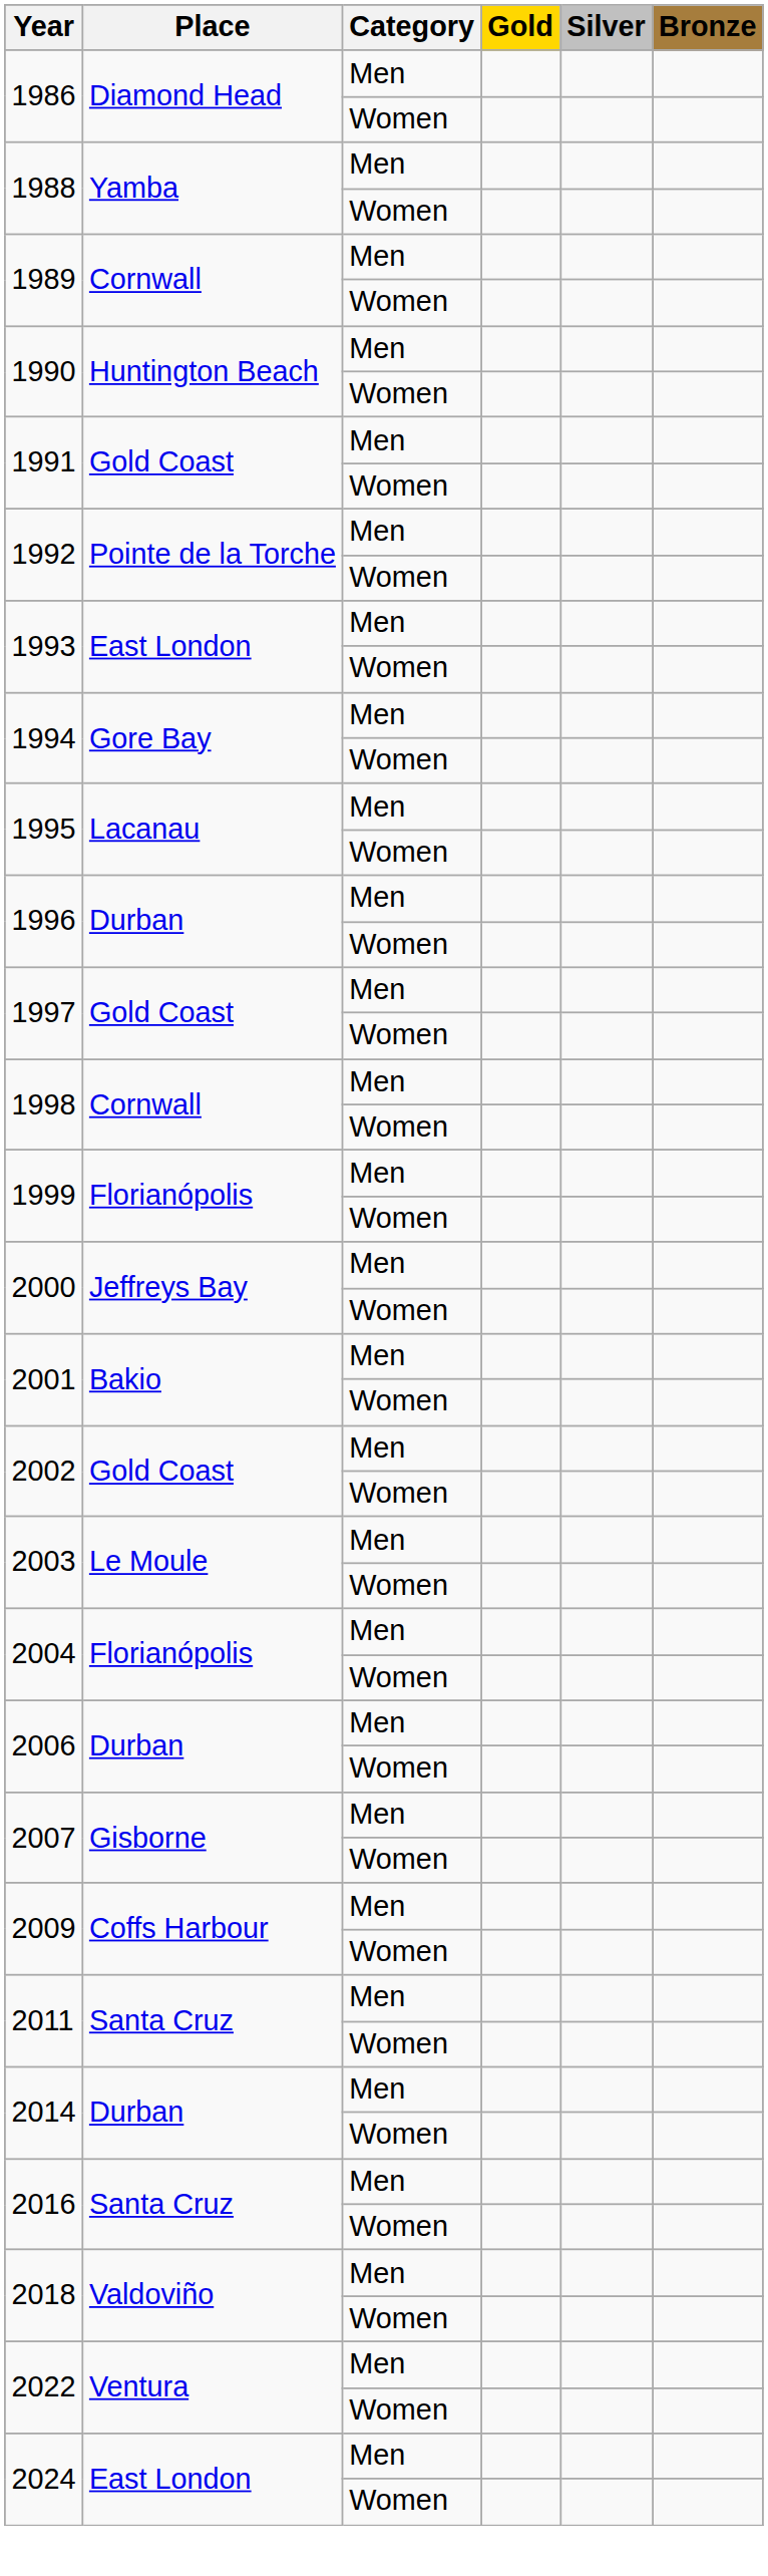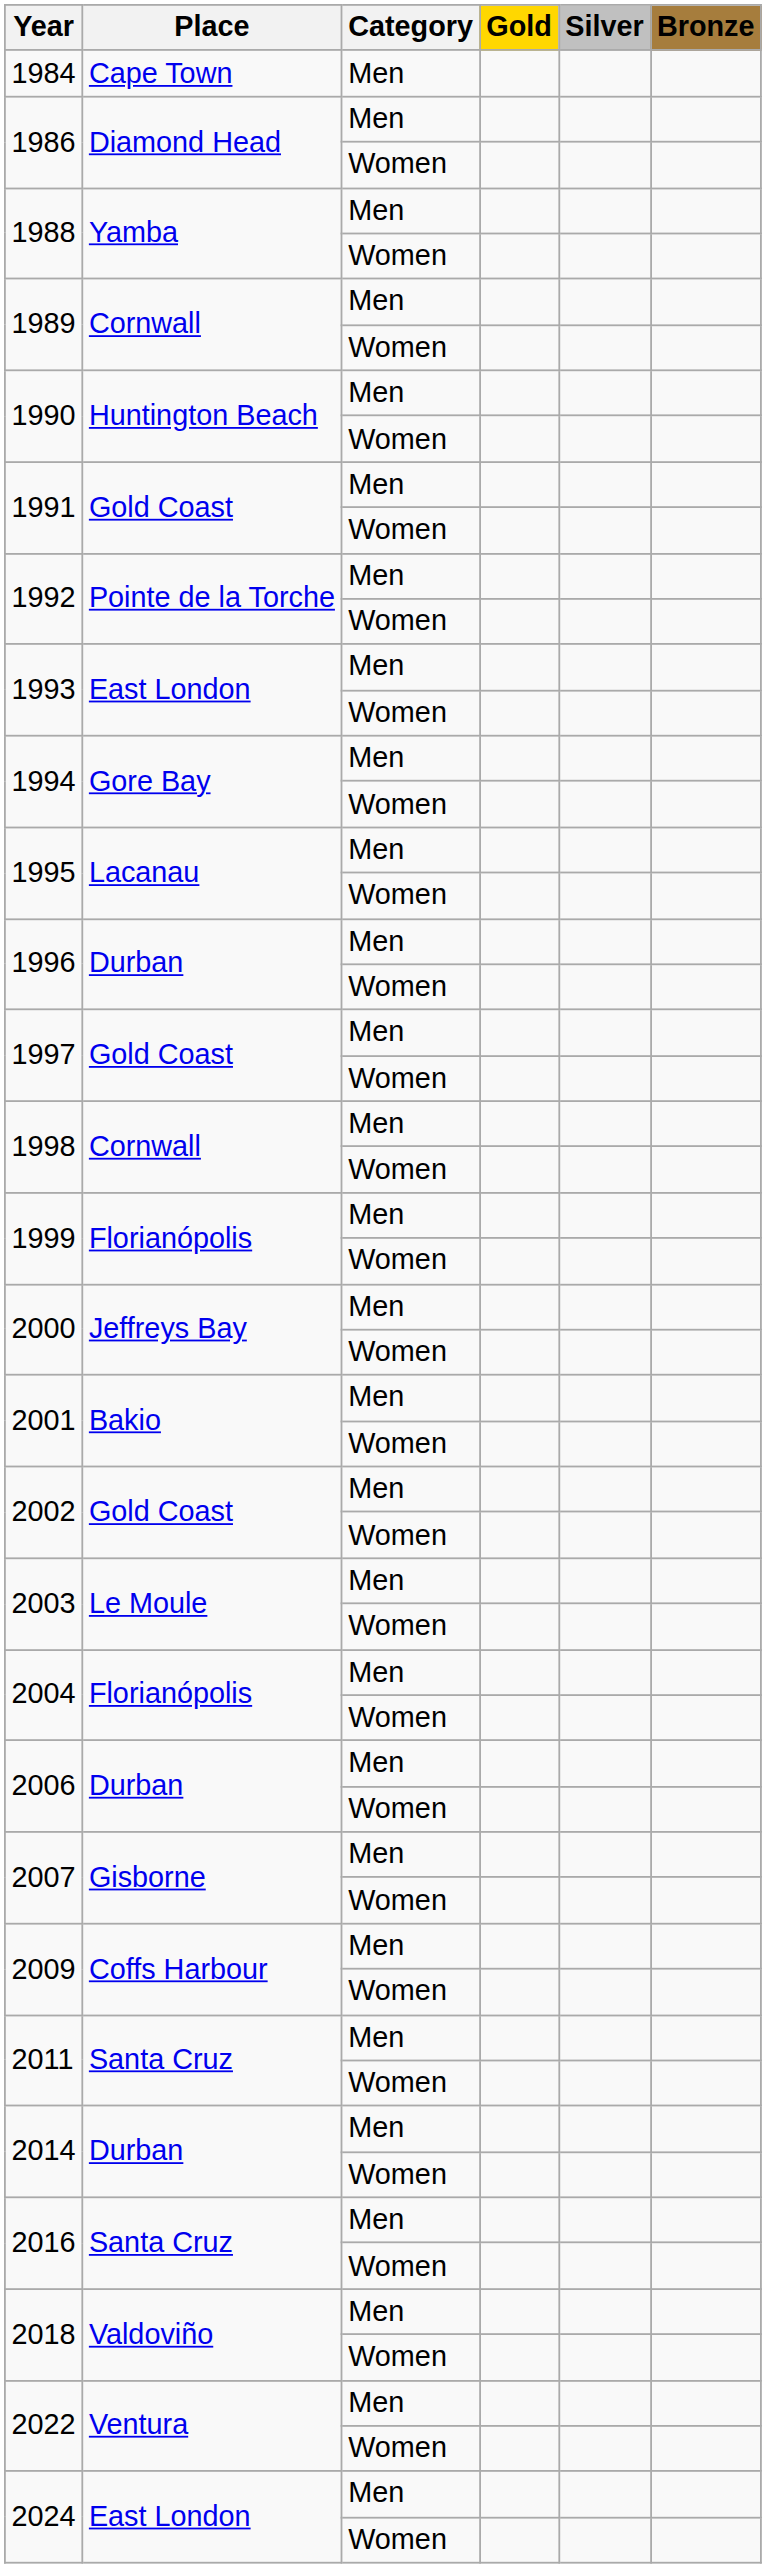 <table class="wikitable">
 <tr>
 <th align="center"><strong>Year</strong></th>
 <th align="center"><strong>Place</strong></th>
 <th align="center"><strong>Category</strong></th>
 <td !align="center" bgcolor="gold" colspan="1"><strong>Gold</strong></td>
 <td !align="center" bgcolor="silver" colspan="1"><strong>Silver</strong></td>
 <td !align="center" bgcolor="#a67d3d" colspan="1"><strong>Bronze</strong></td>
+</tr>
+<tr>
+<td>1984</td>
+<td> <a href='#'>Cape Town</a></td>
+<td>Men</td>
+<td></td>
+<td></td>
+<td></td>
 </tr>
 <tr>
 <td rowspan=2>1986</td>
 <td rowspan=2> <a href='#'>Diamond Head</a></td>
 <td>Men</td>
 <td></td>
 <td></td>
 <td></td>
 </tr>
 <tr>
 <td>Women</td>
 <td></td>
 <td></td>
 <td></td>
 </tr>
 <tr>
 <td rowspan=2>1988</td>
 <td rowspan=2> <a href='#'>Yamba</a></td>
 <td>Men</td>
 <td></td>
 <td></td>
 <td></td>
 </tr>
 <tr>
 <td>Women</td>
 <td></td>
 <td></td>
 <td></td>
 </tr>
 <tr>
 <td rowspan=2>1989</td>
 <td rowspan=2> <a href='#'>Cornwall</a></td>
 <td>Men</td>
 <td></td>
 <td></td>
 <td></td>
 </tr>
 <tr>
 <td>Women</td>
 <td></td>
 <td></td>
 <td></td>
 </tr>
 <tr>
 <td rowspan=2>1990</td>
 <td rowspan=2> <a href='#'>Huntington Beach</a></td>
 <td>Men</td>
 <td></td>
 <td></td>
 <td></td>
 </tr>
 <tr>
 <td>Women</td>
 <td></td>
 <td></td>
 <td></td>
 </tr>
 <tr>
 <td rowspan=2>1991</td>
 <td rowspan=2> <a href='#'>Gold Coast</a></td>
 <td>Men</td>
 <td></td>
 <td></td>
 <td></td>
 </tr>
 <tr>
 <td>Women</td>
 <td></td>
 <td></td>
 <td></td>
 </tr>
 <tr>
 <td rowspan=2>1992</td>
 <td rowspan=2> <a href='#'>Pointe de la Torche</a></td>
 <td>Men</td>
 <td></td>
 <td></td>
 <td></td>
 </tr>
 <tr>
 <td>Women</td>
 <td></td>
 <td></td>
 <td></td>
 </tr>
 <tr>
 <td rowspan=2>1993</td>
 <td rowspan=2> <a href='#'>East London</a></td>
 <td>Men</td>
 <td></td>
 <td></td>
 <td></td>
 </tr>
 <tr>
 <td>Women</td>
 <td></td>
 <td></td>
 <td></td>
 </tr>
 <tr>
 <td rowspan=2>1994</td>
 <td rowspan=2> <a href='#'>Gore Bay</a></td>
 <td>Men</td>
 <td></td>
 <td></td>
 <td></td>
 </tr>
 <tr>
 <td>Women</td>
 <td></td>
 <td></td>
 <td></td>
 </tr>
 <tr>
 <td rowspan=2>1995</td>
 <td rowspan=2> <a href='#'>Lacanau</a></td>
 <td>Men</td>
 <td></td>
 <td></td>
 <td></td>
 </tr>
 <tr>
 <td>Women</td>
 <td></td>
 <td></td>
 <td></td>
 </tr>
 <tr>
 <td rowspan=2>1996</td>
 <td rowspan=2> <a href='#'>Durban</a></td>
 <td>Men</td>
 <td></td>
 <td></td>
 <td></td>
 </tr>
 <tr>
 <td>Women</td>
 <td></td>
 <td></td>
 <td></td>
 </tr>
 <tr>
 <td rowspan=2>1997</td>
 <td rowspan=2> <a href='#'>Gold Coast</a></td>
 <td>Men</td>
 <td></td>
 <td></td>
 <td></td>
 </tr>
 <tr>
 <td>Women</td>
 <td></td>
 <td></td>
 <td></td>
 </tr>
 <tr>
 <td rowspan=2>1998</td>
 <td rowspan=2> <a href='#'>Cornwall</a></td>
 <td>Men</td>
 <td></td>
 <td></td>
 <td></td>
 </tr>
 <tr>
 <td>Women</td>
 <td></td>
 <td></td>
 <td></td>
 </tr>
 <tr>
 <td rowspan=2>1999</td>
 <td rowspan=2> <a href='#'>Florianópolis</a></td>
 <td>Men</td>
 <td></td>
 <td></td>
 <td></td>
 </tr>
 <tr>
 <td>Women</td>
 <td></td>
 <td></td>
 <td></td>
 </tr>
 <tr>
 <td rowspan=2>2000</td>
 <td rowspan=2> <a href='#'>Jeffreys Bay</a></td>
 <td>Men</td>
 <td></td>
 <td></td>
 <td></td>
 </tr>
 <tr>
 <td>Women</td>
 <td></td>
 <td></td>
 <td></td>
 </tr>
 <tr>
 <td rowspan=2>2001</td>
 <td rowspan=2> <a href='#'>Bakio</a></td>
 <td>Men</td>
 <td></td>
 <td></td>
 <td></td>
 </tr>
 <tr>
 <td>Women</td>
 <td></td>
 <td></td>
 <td></td>
 </tr>
 <tr>
 <td rowspan=2>2002</td>
 <td rowspan=2> <a href='#'>Gold Coast</a></td>
 <td>Men</td>
 <td></td>
 <td></td>
 <td></td>
 </tr>
 <tr>
 <td>Women</td>
 <td></td>
 <td></td>
 <td></td>
 </tr>
 <tr>
 <td rowspan=2>2003</td>
 <td rowspan=2> <a href='#'>Le Moule</a></td>
 <td>Men</td>
 <td></td>
 <td></td>
 <td></td>
 </tr>
 <tr>
 <td>Women</td>
 <td></td>
 <td></td>
 <td></td>
 </tr>
 <tr>
 <td rowspan=2>2004</td>
 <td rowspan=2> <a href='#'>Florianópolis</a></td>
 <td>Men</td>
 <td></td>
 <td></td>
 <td></td>
 </tr>
 <tr>
 <td>Women</td>
 <td></td>
 <td></td>
 <td></td>
 </tr>
 <tr>
 <td rowspan=2>2006</td>
 <td rowspan=2> <a href='#'>Durban</a></td>
 <td>Men</td>
 <td></td>
 <td></td>
 <td></td>
 </tr>
 <tr>
 <td>Women</td>
 <td></td>
 <td></td>
 <td></td>
 </tr>
 <tr>
 <td rowspan=2>2007</td>
 <td rowspan=2> <a href='#'>Gisborne</a></td>
 <td>Men</td>
 <td></td>
 <td></td>
 <td></td>
 </tr>
 <tr>
 <td>Women</td>
 <td></td>
 <td></td>
 <td></td>
 </tr>
 <tr>
 <td rowspan=2>2009</td>
 <td rowspan=2> <a href='#'>Coffs Harbour</a></td>
 <td>Men</td>
 <td></td>
 <td></td>
 <td></td>
 </tr>
 <tr>
 <td>Women</td>
 <td></td>
 <td></td>
 <td></td>
 </tr>
 <tr>
 <td rowspan=2>2011</td>
 <td rowspan=2> <a href='#'>Santa Cruz</a></td>
 <td>Men</td>
 <td></td>
 <td></td>
 <td></td>
 </tr>
 <tr>
 <td>Women</td>
 <td></td>
 <td></td>
 <td></td>
 </tr>
 <tr>
 <td rowspan=2>2014</td>
 <td rowspan=2> <a href='#'>Durban</a></td>
 <td>Men</td>
 <td></td>
 <td></td>
 <td></td>
 </tr>
 <tr>
 <td>Women</td>
 <td></td>
 <td></td>
 <td></td>
 </tr>
 <tr>
 <td rowspan=2>2016</td>
 <td rowspan=2> <a href='#'>Santa Cruz</a></td>
 <td>Men</td>
 <td></td>
 <td></td>
 <td></td>
 </tr>
 <tr>
 <td>Women</td>
 <td></td>
 <td></td>
 <td></td>
 </tr>
 <tr>
 <td rowspan=2>2018</td>
 <td rowspan=2> <a href='#'>Valdoviño</a></td>
 <td>Men</td>
 <td></td>
 <td></td>
 <td></td>
 </tr>
 <tr>
 <td>Women</td>
 <td></td>
 <td></td>
 <td></td>
 </tr>
 <tr>
 <td rowspan=2>2022</td>
 <td rowspan=2> <a href='#'>Ventura</a></td>
 <td>Men</td>
 <td></td>
 <td></td>
 <td></td>
 </tr>
 <tr>
 <td>Women</td>
 <td></td>
 <td></td>
 <td></td>
 </tr>
 <tr>
 <td rowspan=2>2024</td>
 <td rowspan=2> <a href='#'>East London</a></td>
 <td>Men</td>
 <td></td>
 <td></td>
 <td></td>
 </tr>
 <tr>
 <td>Women</td>
 <td></td>
 <td></td>
 <td></td>
 </tr>
 </table>
